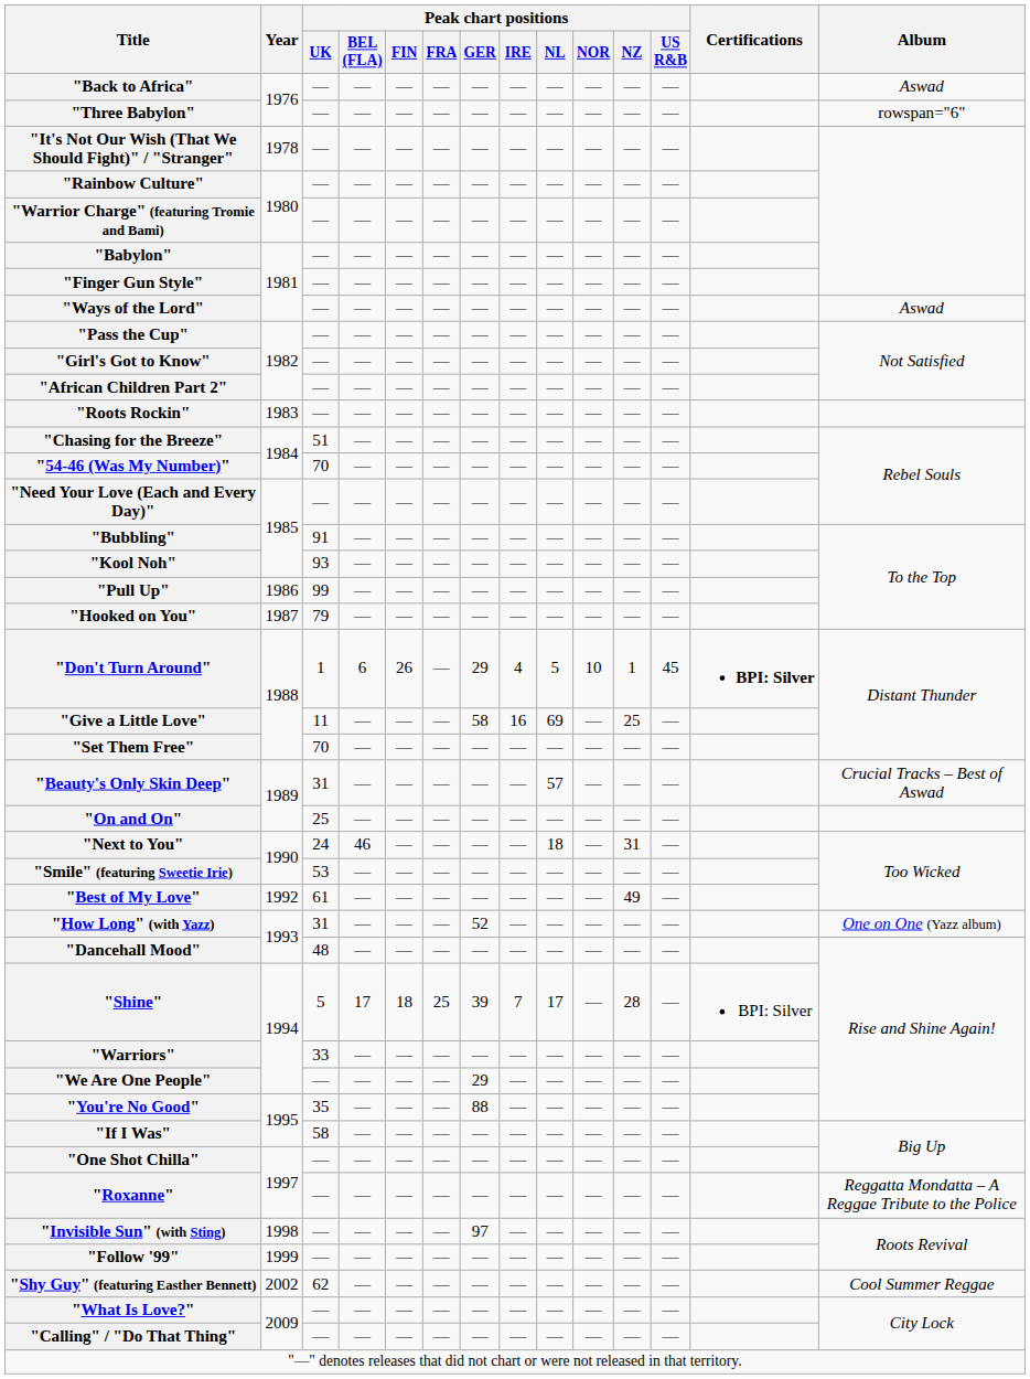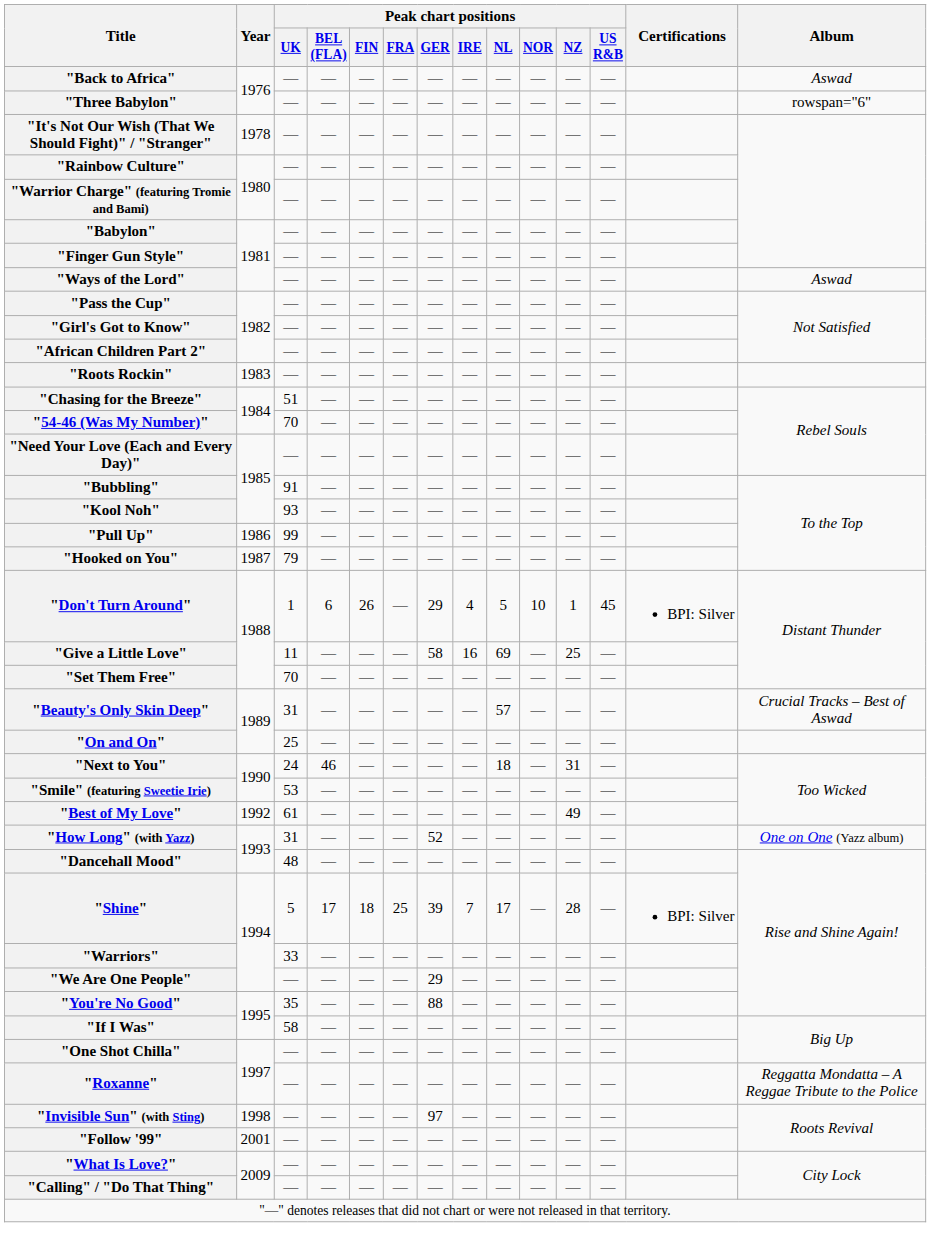 <table class="wikitable plainrowheaders" style="text-align:center;">
 <tr>
 <th rowspan="2" scope="col" style="width:15em;">Title</th>
 <th rowspan="2" scope="col" style="width:2em;">Year</th>
 <th colspan="10">Peak chart positions</th>
 <th rowspan="2">Certifications</th>
 <th rowspan="2" style="width:12em;">Album</th>
 </tr>
 <tr>
 <th scope="col" style="width:2em;font-size:90%;"><a href='#'>UK</a><br></th>
 <th scope="col" style="width:2em;font-size:90%;"><a href='#'>BEL (FLA)</a><br></th>
 <th scope="col" style="width:2em;font-size:90%;"><a href='#'>FIN</a><br></th>
 <th scope="col" style="width:2em;font-size:90%;"><a href='#'>FRA</a><br></th>
 <th scope="col" style="width:2em;font-size:90%;"><a href='#'>GER</a><br></th>
 <th scope="col" style="width:2em;font-size:90%;"><a href='#'>IRE</a><br></th>
 <th scope="col" style="width:2em;font-size:90%;"><a href='#'>NL</a><br></th>
 <th scope="col" style="width:2em;font-size:90%;"><a href='#'>NOR</a><br></th>
 <th scope="col" style="width:2em;font-size:90%;"><a href='#'>NZ</a><br></th>
 <th scope="col" style="width:2em;font-size:90%;"><a href='#'>US R&B</a><br></th>
 </tr>
 <tr>
 <th scope="row">"Back to Africa"</th>
 <td rowspan="2">1976</td>
 <td>—</td>
 <td>—</td>
 <td>—</td>
 <td>—</td>
 <td>—</td>
 <td>—</td>
 <td>—</td>
 <td>—</td>
 <td>—</td>
 <td>—</td>
 <td></td>
 <td><em>Aswad</em></td>
 </tr>
 <tr>
 <th scope="row">"Three Babylon"</th>
 <td>—</td>
 <td>—</td>
 <td>—</td>
 <td>—</td>
 <td>—</td>
 <td>—</td>
 <td>—</td>
 <td>—</td>
 <td>—</td>
 <td>—</td>
 <td></td>
 <td>rowspan="6" </td>
 </tr>
 <tr>
 <th scope="row">"It's Not Our Wish (That We Should Fight)" / "Stranger"</th>
 <td>1978</td>
 <td>—</td>
 <td>—</td>
 <td>—</td>
 <td>—</td>
 <td>—</td>
 <td>—</td>
 <td>—</td>
 <td>—</td>
 <td>—</td>
 <td>—</td>
 <td></td>
 </tr>
 <tr>
 <th scope="row">"Rainbow Culture"</th>
 <td rowspan="2">1980</td>
 <td>—</td>
 <td>—</td>
 <td>—</td>
 <td>—</td>
 <td>—</td>
 <td>—</td>
 <td>—</td>
 <td>—</td>
 <td>—</td>
 <td>—</td>
 <td></td>
 </tr>
 <tr>
 <th scope="row">"Warrior Charge" <small>(featuring Tromie and Bami)</small></th>
 <td>—</td>
 <td>—</td>
 <td>—</td>
 <td>—</td>
 <td>—</td>
 <td>—</td>
 <td>—</td>
 <td>—</td>
 <td>—</td>
 <td>—</td>
 <td></td>
 </tr>
 <tr>
 <th scope="row">"Babylon"</th>
 <td rowspan="3">1981</td>
 <td>—</td>
 <td>—</td>
 <td>—</td>
 <td>—</td>
 <td>—</td>
 <td>—</td>
 <td>—</td>
 <td>—</td>
 <td>—</td>
 <td>—</td>
 <td></td>
 </tr>
 <tr>
 <th scope="row">"Finger Gun Style"</th>
 <td>—</td>
 <td>—</td>
 <td>—</td>
 <td>—</td>
 <td>—</td>
 <td>—</td>
 <td>—</td>
 <td>—</td>
 <td>—</td>
 <td>—</td>
 <td></td>
 </tr>
 <tr>
 <th scope="row">"Ways of the Lord"</th>
 <td>—</td>
 <td>—</td>
 <td>—</td>
 <td>—</td>
 <td>—</td>
 <td>—</td>
 <td>—</td>
 <td>—</td>
 <td>—</td>
 <td>—</td>
 <td></td>
 <td><em>Aswad</em></td>
 </tr>
 <tr>
 <th scope="row">"Pass the Cup"</th>
 <td rowspan="3">1982</td>
 <td>—</td>
 <td>—</td>
 <td>—</td>
 <td>—</td>
 <td>—</td>
 <td>—</td>
 <td>—</td>
 <td>—</td>
 <td>—</td>
 <td>—</td>
 <td></td>
 <td rowspan="3"><em>Not Satisfied</em></td>
 </tr>
 <tr>
 <th scope="row">"Girl's Got to Know"</th>
 <td>—</td>
 <td>—</td>
 <td>—</td>
 <td>—</td>
 <td>—</td>
 <td>—</td>
 <td>—</td>
 <td>—</td>
 <td>—</td>
 <td>—</td>
 <td></td>
 </tr>
 <tr>
 <th scope="row">"African Children Part 2"</th>
 <td>—</td>
 <td>—</td>
 <td>—</td>
 <td>—</td>
 <td>—</td>
 <td>—</td>
 <td>—</td>
 <td>—</td>
 <td>—</td>
 <td>—</td>
 <td></td>
 </tr>
 <tr>
 <th scope="row">"Roots Rockin"</th>
 <td>1983</td>
 <td>—</td>
 <td>—</td>
 <td>—</td>
 <td>—</td>
 <td>—</td>
 <td>—</td>
 <td>—</td>
 <td>—</td>
 <td>—</td>
 <td>—</td>
 <td></td>
 <td></td>
 </tr>
 <tr>
 <th scope="row">"Chasing for the Breeze"</th>
 <td rowspan="2">1984</td>
 <td>51</td>
 <td>—</td>
 <td>—</td>
 <td>—</td>
 <td>—</td>
 <td>—</td>
 <td>—</td>
 <td>—</td>
 <td>—</td>
 <td>—</td>
 <td></td>
 <td rowspan="3"><em>Rebel Souls</em></td>
 </tr>
 <tr>
 <th scope="row">"<a href='#'>54-46 (Was My Number)</a>"</th>
 <td>70</td>
 <td>—</td>
 <td>—</td>
 <td>—</td>
 <td>—</td>
 <td>—</td>
 <td>—</td>
 <td>—</td>
 <td>—</td>
 <td>—</td>
 <td></td>
 </tr>
 <tr>
 <th scope="row">"Need Your Love (Each and Every Day)"</th>
 <td rowspan="3">1985</td>
 <td>—</td>
 <td>—</td>
 <td>—</td>
 <td>—</td>
 <td>—</td>
 <td>—</td>
 <td>—</td>
 <td>—</td>
 <td>—</td>
 <td>—</td>
 <td></td>
 </tr>
 <tr>
 <th scope="row">"Bubbling"</th>
 <td>91</td>
 <td>—</td>
 <td>—</td>
 <td>—</td>
 <td>—</td>
 <td>—</td>
 <td>—</td>
 <td>—</td>
 <td>—</td>
 <td>—</td>
 <td></td>
 <td rowspan="4"><em>To the Top</em></td>
 </tr>
 <tr>
 <th scope="row">"Kool Noh"</th>
 <td>93</td>
 <td>—</td>
 <td>—</td>
 <td>—</td>
 <td>—</td>
 <td>—</td>
 <td>—</td>
 <td>—</td>
 <td>—</td>
 <td>—</td>
 <td></td>
 </tr>
 <tr>
 <th scope="row">"Pull Up"</th>
 <td>1986</td>
 <td>99</td>
 <td>—</td>
 <td>—</td>
 <td>—</td>
 <td>—</td>
 <td>—</td>
 <td>—</td>
 <td>—</td>
 <td>—</td>
 <td>—</td>
 <td></td>
 </tr>
 <tr>
 <th scope="row">"Hooked on You"</th>
 <td>1987</td>
 <td>79</td>
 <td>—</td>
 <td>—</td>
 <td>—</td>
 <td>—</td>
 <td>—</td>
 <td>—</td>
 <td>—</td>
 <td>—</td>
 <td>—</td>
 <td></td>
 </tr>
 <tr>
 <th scope="row">"<a href='#'>Don't Turn Around</a>"</th>
 <td rowspan="3">1988</td>
 <td>1</td>
 <td>6</td>
 <td>26</td>
 <td>—</td>
 <td>29</td>
 <td>4</td>
 <td>5</td>
 <td>10</td>
 <td>1</td>
 <td>45</td>
-<td><strong><br><ul><li>BPI: Silver</li></ul></strong></td>
+<td><br><ul><li>BPI: Silver</li></ul></td>
 <td rowspan="3"><em>Distant Thunder</em></td>
 </tr>
 <tr>
 <th scope="row">"Give a Little Love"</th>
 <td>11</td>
 <td>—</td>
 <td>—</td>
 <td>—</td>
 <td>58</td>
 <td>16</td>
 <td>69</td>
 <td>—</td>
 <td>25</td>
 <td>—</td>
 <td></td>
 </tr>
 <tr>
 <th scope="row">"Set Them Free"</th>
 <td>70</td>
 <td>—</td>
 <td>—</td>
 <td>—</td>
 <td>—</td>
 <td>—</td>
 <td>—</td>
 <td>—</td>
 <td>—</td>
 <td>—</td>
 <td></td>
 </tr>
 <tr>
 <th scope="row">"<a href='#'>Beauty's Only Skin Deep</a>"</th>
 <td rowspan="2">1989</td>
 <td>31</td>
 <td>—</td>
 <td>—</td>
 <td>—</td>
 <td>—</td>
 <td>—</td>
 <td>57</td>
 <td>—</td>
 <td>—</td>
 <td>—</td>
 <td></td>
 <td><em>Crucial Tracks – Best of Aswad</em></td>
 </tr>
 <tr>
 <th scope="row">"<a href='#'>On and On</a>"</th>
 <td>25</td>
 <td>—</td>
 <td>—</td>
 <td>—</td>
 <td>—</td>
 <td>—</td>
 <td>—</td>
 <td>—</td>
 <td>—</td>
 <td>—</td>
 <td></td>
 <td></td>
 </tr>
 <tr>
 <th scope="row">"Next to You"</th>
 <td rowspan="2">1990</td>
 <td>24</td>
 <td>46</td>
 <td>—</td>
 <td>—</td>
 <td>—</td>
 <td>—</td>
 <td>18</td>
 <td>—</td>
 <td>31</td>
 <td>—</td>
 <td></td>
 <td rowspan="3"><em>Too Wicked</em></td>
 </tr>
 <tr>
 <th scope="row">"Smile" <small>(featuring <a href='#'>Sweetie Irie</a>)</small></th>
 <td>53</td>
 <td>—</td>
 <td>—</td>
 <td>—</td>
 <td>—</td>
 <td>—</td>
 <td>—</td>
 <td>—</td>
 <td>—</td>
 <td>—</td>
 <td></td>
 </tr>
 <tr>
 <th scope="row">"<a href='#'>Best of My Love</a>" </th>
 <td>1992</td>
 <td>61</td>
 <td>—</td>
 <td>—</td>
 <td>—</td>
 <td>—</td>
 <td>—</td>
 <td>—</td>
 <td>—</td>
 <td>49</td>
 <td>—</td>
 <td></td>
 </tr>
 <tr>
 <th scope="row">"<a href='#'>How Long</a>" <small>(with <a href='#'>Yazz</a>)</small></th>
 <td rowspan="2">1993</td>
 <td>31</td>
 <td>—</td>
 <td>—</td>
 <td>—</td>
 <td>52</td>
 <td>—</td>
 <td>—</td>
 <td>—</td>
 <td>—</td>
 <td>—</td>
 <td></td>
 <td><em><a href='#'>One on One</a></em> <small>(Yazz album)</small></td>
 </tr>
 <tr>
 <th scope="row">"Dancehall Mood"</th>
 <td>48</td>
 <td>—</td>
 <td>—</td>
 <td>—</td>
 <td>—</td>
 <td>—</td>
 <td>—</td>
 <td>—</td>
 <td>—</td>
 <td>—</td>
 <td></td>
 <td rowspan="5"><em>Rise and Shine Again!</em></td>
 </tr>
 <tr>
 <th scope="row">"<a href='#'>Shine</a>"</th>
 <td rowspan="3">1994</td>
 <td>5</td>
 <td>17</td>
 <td>18</td>
 <td>25</td>
 <td>39</td>
 <td>7</td>
 <td>17</td>
 <td>—</td>
 <td>28</td>
 <td>—</td>
 <td><br><ul><li>BPI: Silver</li></ul></td>
 </tr>
 <tr>
 <th scope="row">"Warriors"</th>
 <td>33</td>
 <td>—</td>
 <td>—</td>
 <td>—</td>
 <td>—</td>
 <td>—</td>
 <td>—</td>
 <td>—</td>
 <td>—</td>
 <td>—</td>
 <td></td>
 </tr>
 <tr>
 <th scope="row">"We Are One People"</th>
 <td>—</td>
 <td>—</td>
 <td>—</td>
 <td>—</td>
 <td>29</td>
 <td>—</td>
 <td>—</td>
 <td>—</td>
 <td>—</td>
 <td>—</td>
 <td></td>
 </tr>
 <tr>
 <th scope="row">"<a href='#'>You're No Good</a>"</th>
 <td rowspan="2">1995</td>
 <td>35</td>
 <td>—</td>
 <td>—</td>
 <td>—</td>
 <td>88</td>
 <td>—</td>
 <td>—</td>
 <td>—</td>
 <td>—</td>
 <td>—</td>
 <td></td>
 </tr>
 <tr>
 <th scope="row">"If I Was"</th>
 <td>58</td>
 <td>—</td>
 <td>—</td>
 <td>—</td>
 <td>—</td>
 <td>—</td>
 <td>—</td>
 <td>—</td>
 <td>—</td>
 <td>—</td>
 <td></td>
 <td rowspan="2"><em>Big Up</em></td>
 </tr>
 <tr>
 <th scope="row">"One Shot Chilla"</th>
 <td rowspan="2">1997</td>
 <td>—</td>
 <td>—</td>
 <td>—</td>
 <td>—</td>
 <td>—</td>
 <td>—</td>
 <td>—</td>
 <td>—</td>
 <td>—</td>
 <td>—</td>
 <td></td>
 </tr>
 <tr>
 <th scope="row">"<a href='#'>Roxanne</a>"</th>
 <td>—</td>
 <td>—</td>
 <td>—</td>
 <td>—</td>
 <td>—</td>
 <td>—</td>
 <td>—</td>
 <td>—</td>
 <td>—</td>
 <td>—</td>
 <td></td>
 <td><em>Reggatta Mondatta – A Reggae Tribute to the Police</em></td>
 </tr>
 <tr>
 <th scope="row">"<a href='#'>Invisible Sun</a>" <small>(with <a href='#'>Sting</a>)</small></th>
 <td>1998</td>
 <td>—</td>
 <td>—</td>
 <td>—</td>
 <td>—</td>
 <td>97</td>
 <td>—</td>
 <td>—</td>
 <td>—</td>
 <td>—</td>
 <td>—</td>
 <td></td>
 <td rowspan="2"><em>Roots Revival</em></td>
 </tr>
 <tr>
 <th scope="row">"Follow '99"</th>
-<td>1999</td>
+<td>2001</td>
 <td>—</td>
 <td>—</td>
 <td>—</td>
 <td>—</td>
 <td>—</td>
 <td>—</td>
 <td>—</td>
 <td>—</td>
 <td>—</td>
 <td>—</td>
 <td></td>
-</tr>
-<tr>
-<th scope="row">"<a href='#'>Shy Guy</a>" <small>(featuring Easther Bennett)</small></th>
-<td>2002</td>
-<td>62</td>
-<td>—</td>
-<td>—</td>
-<td>—</td>
-<td>—</td>
-<td>—</td>
-<td>—</td>
-<td>—</td>
-<td>—</td>
-<td>—</td>
-<td></td>
-<td><em>Cool Summer Reggae</em></td>
 </tr>
 <tr>
 <th scope="row">"<a href='#'>What Is Love?</a>"</th>
 <td rowspan="2">2009</td>
 <td>—</td>
 <td>—</td>
 <td>—</td>
 <td>—</td>
 <td>—</td>
 <td>—</td>
 <td>—</td>
 <td>—</td>
 <td>—</td>
 <td>—</td>
 <td></td>
 <td rowspan="2"><em>City Lock</em></td>
 </tr>
 <tr>
 <th scope="row">"Calling" / "Do That Thing"</th>
 <td>—</td>
 <td>—</td>
 <td>—</td>
 <td>—</td>
 <td>—</td>
 <td>—</td>
 <td>—</td>
 <td>—</td>
 <td>—</td>
 <td>—</td>
 <td></td>
 </tr>
 <tr>
 <td colspan="14" style="font-size:90%">"—" denotes releases that did not chart or were not released in that territory.</td>
 </tr>
 </table>
